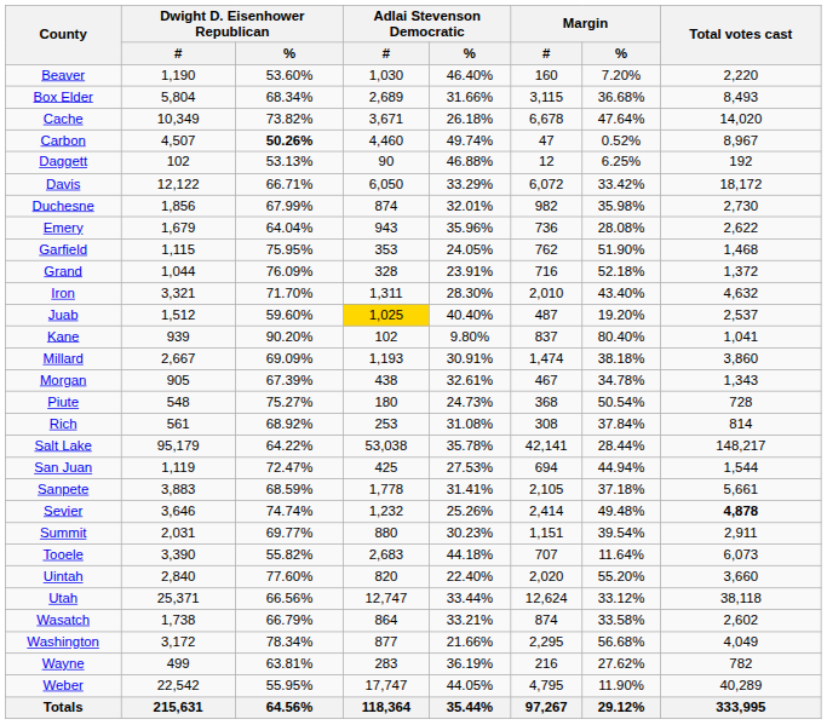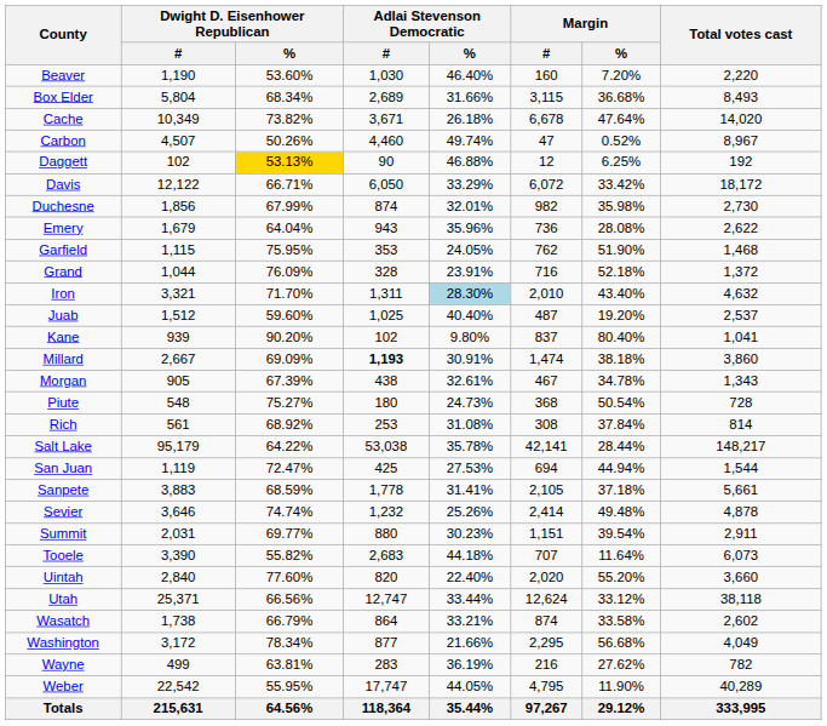 <table width="60%"  class="wikitable sortable" style="text-align:center">
 <tr>
 <th style="text-align:center;" rowspan="2">County</th>
 <th style="text-align:center;" colspan="2">Dwight D. Eisenhower<br>Republican</th>
 <th style="text-align:center;" colspan="2">Adlai Stevenson<br>Democratic</th>
 <th style="text-align:center;" colspan="2">Margin</th>
 <th style="text-align:center;" rowspan="2">Total votes cast</th>
 </tr>
 <tr>
 <th style="text-align:center;" data-sort-type="number">#</th>
 <th style="text-align:center;" data-sort-type="number">%</th>
 <th style="text-align:center;" data-sort-type="number">#</th>
 <th style="text-align:center;" data-sort-type="number">%</th>
 <th style="text-align:center;" data-sort-type="number">#</th>
 <th style="text-align:center;" data-sort-type="number">%</th>
 </tr>
 <tr style="text-align:center;">
 <td><a href='#'>Beaver</a></td>
 <td>1,190</td>
 <td>53.60%</td>
 <td>1,030</td>
 <td>46.40%</td>
 <td>160</td>
 <td>7.20%</td>
 <td>2,220</td>
 </tr>
 <tr style="text-align:center;">
 <td><a href='#'>Box Elder</a></td>
 <td>5,804</td>
 <td>68.34%</td>
 <td>2,689</td>
 <td>31.66%</td>
 <td>3,115</td>
 <td>36.68%</td>
 <td>8,493</td>
 </tr>
 <tr style="text-align:center;">
 <td><a href='#'>Cache</a></td>
 <td>10,349</td>
 <td>73.82%</td>
 <td>3,671</td>
 <td>26.18%</td>
 <td>6,678</td>
 <td>47.64%</td>
 <td>14,020</td>
 </tr>
 <tr style="text-align:center;">
 <td><a href='#'>Carbon</a></td>
 <td>4,507</td>
-<td><strong>50.26%</strong></td>
+<td>50.26%</td>
 <td>4,460</td>
 <td>49.74%</td>
 <td>47</td>
 <td>0.52%</td>
 <td>8,967</td>
 </tr>
 <tr style="text-align:center;">
 <td><a href='#'>Daggett</a></td>
 <td>102</td>
-<td>53.13%</td>
+<td style="background: gold;">53.13%</td>
 <td>90</td>
 <td>46.88%</td>
 <td>12</td>
 <td>6.25%</td>
 <td>192</td>
 </tr>
 <tr style="text-align:center;">
 <td><a href='#'>Davis</a></td>
 <td>12,122</td>
 <td>66.71%</td>
 <td>6,050</td>
 <td>33.29%</td>
 <td>6,072</td>
 <td>33.42%</td>
 <td>18,172</td>
 </tr>
 <tr style="text-align:center;">
 <td><a href='#'>Duchesne</a></td>
 <td>1,856</td>
 <td>67.99%</td>
 <td>874</td>
 <td>32.01%</td>
 <td>982</td>
 <td>35.98%</td>
 <td>2,730</td>
 </tr>
 <tr style="text-align:center;">
 <td><a href='#'>Emery</a></td>
 <td>1,679</td>
 <td>64.04%</td>
 <td>943</td>
 <td>35.96%</td>
 <td>736</td>
 <td>28.08%</td>
 <td>2,622</td>
 </tr>
 <tr style="text-align:center;">
 <td><a href='#'>Garfield</a></td>
 <td>1,115</td>
 <td>75.95%</td>
 <td>353</td>
 <td>24.05%</td>
 <td>762</td>
 <td>51.90%</td>
 <td>1,468</td>
 </tr>
 <tr style="text-align:center;">
 <td><a href='#'>Grand</a></td>
 <td>1,044</td>
 <td>76.09%</td>
 <td>328</td>
 <td>23.91%</td>
 <td>716</td>
 <td>52.18%</td>
 <td>1,372</td>
 </tr>
 <tr style="text-align:center;">
 <td><a href='#'>Iron</a></td>
 <td>3,321</td>
 <td>71.70%</td>
 <td>1,311</td>
-<td>28.30%</td>
+<td style="background: lightblue;">28.30%</td>
 <td>2,010</td>
 <td>43.40%</td>
 <td>4,632</td>
 </tr>
 <tr style="text-align:center;">
 <td><a href='#'>Juab</a></td>
 <td>1,512</td>
 <td>59.60%</td>
-<td style="background: gold;">1,025</td>
+<td>1,025</td>
 <td>40.40%</td>
 <td>487</td>
 <td>19.20%</td>
 <td>2,537</td>
 </tr>
 <tr style="text-align:center;">
 <td><a href='#'>Kane</a></td>
 <td>939</td>
 <td>90.20%</td>
 <td>102</td>
 <td>9.80%</td>
 <td>837</td>
 <td>80.40%</td>
 <td>1,041</td>
 </tr>
 <tr style="text-align:center;">
 <td><a href='#'>Millard</a></td>
 <td>2,667</td>
 <td>69.09%</td>
-<td>1,193</td>
+<td><strong>1,193</strong></td>
 <td>30.91%</td>
 <td>1,474</td>
 <td>38.18%</td>
 <td>3,860</td>
 </tr>
 <tr style="text-align:center;">
 <td><a href='#'>Morgan</a></td>
 <td>905</td>
 <td>67.39%</td>
 <td>438</td>
 <td>32.61%</td>
 <td>467</td>
 <td>34.78%</td>
 <td>1,343</td>
 </tr>
 <tr style="text-align:center;">
 <td><a href='#'>Piute</a></td>
 <td>548</td>
 <td>75.27%</td>
 <td>180</td>
 <td>24.73%</td>
 <td>368</td>
 <td>50.54%</td>
 <td>728</td>
 </tr>
 <tr style="text-align:center;">
 <td><a href='#'>Rich</a></td>
 <td>561</td>
 <td>68.92%</td>
 <td>253</td>
 <td>31.08%</td>
 <td>308</td>
 <td>37.84%</td>
 <td>814</td>
 </tr>
 <tr style="text-align:center;">
 <td><a href='#'>Salt Lake</a></td>
 <td>95,179</td>
 <td>64.22%</td>
 <td>53,038</td>
 <td>35.78%</td>
 <td>42,141</td>
 <td>28.44%</td>
 <td>148,217</td>
 </tr>
 <tr style="text-align:center;">
 <td><a href='#'>San Juan</a></td>
 <td>1,119</td>
 <td>72.47%</td>
 <td>425</td>
 <td>27.53%</td>
 <td>694</td>
 <td>44.94%</td>
 <td>1,544</td>
 </tr>
 <tr style="text-align:center;">
 <td><a href='#'>Sanpete</a></td>
 <td>3,883</td>
 <td>68.59%</td>
 <td>1,778</td>
 <td>31.41%</td>
 <td>2,105</td>
 <td>37.18%</td>
 <td>5,661</td>
 </tr>
 <tr style="text-align:center;">
 <td><a href='#'>Sevier</a></td>
 <td>3,646</td>
 <td>74.74%</td>
 <td>1,232</td>
 <td>25.26%</td>
 <td>2,414</td>
 <td>49.48%</td>
-<td><strong>4,878</strong></td>
+<td>4,878</td>
 </tr>
 <tr style="text-align:center;">
 <td><a href='#'>Summit</a></td>
 <td>2,031</td>
 <td>69.77%</td>
 <td>880</td>
 <td>30.23%</td>
 <td>1,151</td>
 <td>39.54%</td>
 <td>2,911</td>
 </tr>
 <tr style="text-align:center;">
 <td><a href='#'>Tooele</a></td>
 <td>3,390</td>
 <td>55.82%</td>
 <td>2,683</td>
 <td>44.18%</td>
 <td>707</td>
 <td>11.64%</td>
 <td>6,073</td>
 </tr>
 <tr style="text-align:center;">
 <td><a href='#'>Uintah</a></td>
 <td>2,840</td>
 <td>77.60%</td>
 <td>820</td>
 <td>22.40%</td>
 <td>2,020</td>
 <td>55.20%</td>
 <td>3,660</td>
 </tr>
 <tr style="text-align:center;">
 <td><a href='#'>Utah</a></td>
 <td>25,371</td>
 <td>66.56%</td>
 <td>12,747</td>
 <td>33.44%</td>
 <td>12,624</td>
 <td>33.12%</td>
 <td>38,118</td>
 </tr>
 <tr style="text-align:center;">
 <td><a href='#'>Wasatch</a></td>
 <td>1,738</td>
 <td>66.79%</td>
 <td>864</td>
 <td>33.21%</td>
 <td>874</td>
 <td>33.58%</td>
 <td>2,602</td>
 </tr>
 <tr style="text-align:center;">
 <td><a href='#'>Washington</a></td>
 <td>3,172</td>
 <td>78.34%</td>
 <td>877</td>
 <td>21.66%</td>
 <td>2,295</td>
 <td>56.68%</td>
 <td>4,049</td>
 </tr>
 <tr style="text-align:center;">
 <td><a href='#'>Wayne</a></td>
 <td>499</td>
 <td>63.81%</td>
 <td>283</td>
 <td>36.19%</td>
 <td>216</td>
 <td>27.62%</td>
 <td>782</td>
 </tr>
 <tr style="text-align:center;">
 <td><a href='#'>Weber</a></td>
 <td>22,542</td>
 <td>55.95%</td>
 <td>17,747</td>
 <td>44.05%</td>
 <td>4,795</td>
 <td>11.90%</td>
 <td>40,289</td>
 </tr>
 <tr style="text-align:center;">
 <th>Totals</th>
 <th>215,631</th>
 <th>64.56%</th>
 <th>118,364</th>
 <th>35.44%</th>
 <th>97,267</th>
 <th>29.12%</th>
 <th>333,995</th>
 </tr>
 </table>
